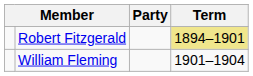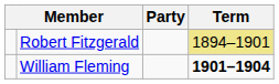 <table class="wikitable">
 <tr>
 <th colspan="2">Member</th>
 <th>Party</th>
 <th>Term</th>
 </tr>
 <tr>
 <td> </td>
 <td><a href='#'>Robert Fitzgerald</a></td>
 <td></td>
 <td style="background: khaki;">1894–1901</td>
 </tr>
 <tr>
 <td> </td>
 <td><a href='#'>William Fleming</a></td>
 <td></td>
-<td>1901–1904</td>
+<td><strong>1901–1904</strong></td>
 </tr>
 </table>
